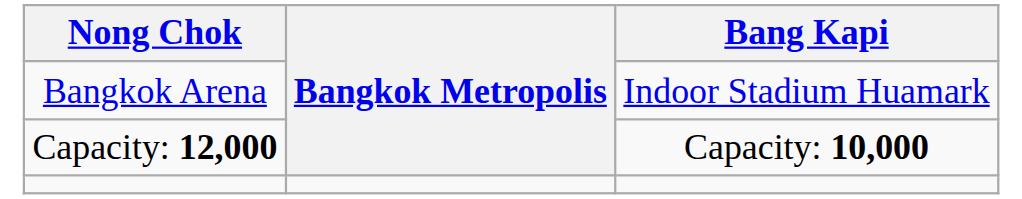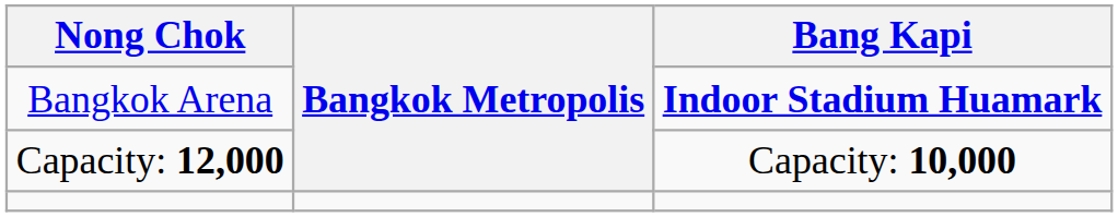 <table class="wikitable" style="text-align:center;;margin:1em auto;">
 <tr>
 <th><a href='#'>Nong Chok</a></th>
 <th rowspan=3><a href='#'>Bangkok Metropolis</a></th>
 <th><a href='#'>Bang Kapi</a></th>
 </tr>
 <tr>
 <td><a href='#'>Bangkok Arena</a></td>
-<td><a href='#'>Indoor Stadium Huamark</a></td>
+<td><strong><a href='#'>Indoor Stadium Huamark</a></strong></td>
 </tr>
 <tr>
 <td>Capacity: <strong>12,000</strong></td>
 <td>Capacity: <strong>10,000</strong></td>
 </tr>
 <tr>
 <td></td>
 <td></td>
 <td></td>
 </tr>
 </table>
